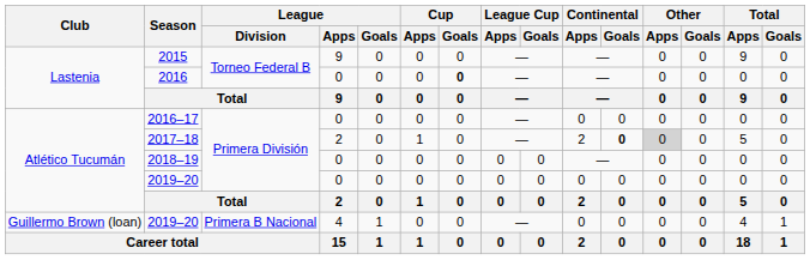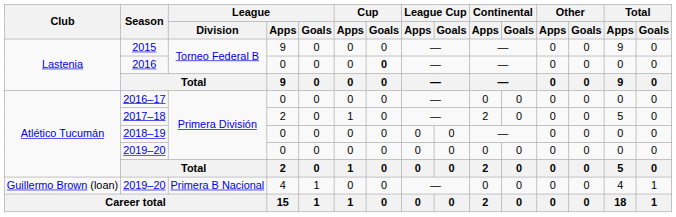 <table class="wikitable" style="text-align:center">
 <tr>
 <th rowspan="2">Club</th>
 <th rowspan="2">Season</th>
 <th colspan="3">League</th>
 <th colspan="2">Cup</th>
 <th colspan="2">League Cup</th>
 <th colspan="2">Continental</th>
 <th colspan="2">Other</th>
 <th colspan="2">Total</th>
 </tr>
 <tr>
 <th>Division</th>
 <th>Apps</th>
 <th>Goals</th>
 <th>Apps</th>
 <th>Goals</th>
 <th>Apps</th>
 <th>Goals</th>
 <th>Apps</th>
 <th>Goals</th>
 <th>Apps</th>
 <th>Goals</th>
 <th>Apps</th>
 <th>Goals</th>
 </tr>
 <tr>
 <td rowspan="3"><a href='#'>Lastenia</a></td>
 <td><a href='#'>2015</a></td>
 <td rowspan="2"><a href='#'>Torneo Federal B</a></td>
 <td>9</td>
 <td>0</td>
 <td>0</td>
 <td>0</td>
 <td colspan="2">—</td>
 <td colspan="2">—</td>
 <td>0</td>
 <td>0</td>
 <td>9</td>
 <td>0</td>
 </tr>
 <tr>
 <td><a href='#'>2016</a></td>
 <td>0</td>
 <td>0</td>
 <td>0</td>
 <td><strong>0</strong></td>
 <td colspan="2">—</td>
 <td colspan="2">—</td>
 <td>0</td>
 <td>0</td>
 <td>0</td>
 <td>0</td>
 </tr>
 <tr>
 <th colspan="2">Total</th>
 <th>9</th>
 <th>0</th>
 <th>0</th>
 <th>0</th>
 <th colspan="2">—</th>
 <th colspan="2">—</th>
 <th>0</th>
 <th>0</th>
 <th>9</th>
 <th>0</th>
 </tr>
 <tr>
 <td rowspan="5"><a href='#'>Atlético Tucumán</a></td>
 <td><a href='#'>2016–17</a></td>
 <td rowspan="4"><a href='#'>Primera División</a></td>
 <td>0</td>
 <td>0</td>
 <td>0</td>
 <td>0</td>
 <td colspan="2">—</td>
 <td>0</td>
 <td>0</td>
 <td>0</td>
 <td>0</td>
 <td>0</td>
 <td>0</td>
 </tr>
 <tr>
 <td><a href='#'>2017–18</a></td>
 <td>2</td>
 <td>0</td>
 <td>1</td>
 <td>0</td>
 <td colspan="2">—</td>
 <td>2</td>
-<td><strong>0</strong></td>
-<td style="background: lightgrey;">0</td>
+<td>0</td>
+<td>0</td>
 <td>0</td>
 <td>5</td>
 <td>0</td>
 </tr>
 <tr>
 <td><a href='#'>2018–19</a></td>
 <td>0</td>
 <td>0</td>
 <td>0</td>
 <td>0</td>
 <td>0</td>
 <td>0</td>
 <td colspan="2">—</td>
 <td>0</td>
 <td>0</td>
 <td>0</td>
 <td>0</td>
 </tr>
 <tr>
 <td><a href='#'>2019–20</a></td>
 <td>0</td>
 <td>0</td>
 <td>0</td>
 <td>0</td>
 <td>0</td>
 <td>0</td>
 <td>0</td>
 <td>0</td>
 <td>0</td>
 <td>0</td>
 <td>0</td>
 <td>0</td>
 </tr>
 <tr>
 <th colspan="2">Total</th>
 <th>2</th>
 <th>0</th>
 <th>1</th>
 <th>0</th>
 <th>0</th>
 <th>0</th>
 <th>2</th>
 <th>0</th>
 <th>0</th>
 <th>0</th>
 <th>5</th>
 <th>0</th>
 </tr>
 <tr>
 <td rowspan="1"><a href='#'>Guillermo Brown</a> (loan)</td>
 <td><a href='#'>2019–20</a></td>
 <td rowspan="1"><a href='#'>Primera B Nacional</a></td>
 <td>4</td>
 <td>1</td>
 <td>0</td>
 <td>0</td>
 <td colspan="2">—</td>
 <td>0</td>
 <td>0</td>
 <td>0</td>
 <td>0</td>
 <td>4</td>
 <td>1</td>
 </tr>
 <tr>
 <th colspan="3">Career total</th>
 <th>15</th>
 <th>1</th>
 <th>1</th>
 <th>0</th>
 <th>0</th>
 <th>0</th>
 <th>2</th>
 <th>0</th>
 <th>0</th>
 <th>0</th>
 <th>18</th>
 <th>1</th>
 </tr>
 </table>
